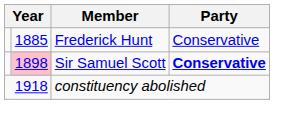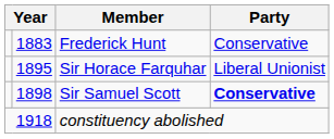 <table class="wikitable">
 <tr>
 <th colspan="2">Year</th>
 <th>Member</th>
 <th>Party</th>
 </tr>
 <tr>
 <td style="color:inherit;background-color: "></td>
-<td><a href='#'>1885</a></td>
+<td><a href='#'>1883</a></td>
 <td><a href='#'>Frederick Hunt</a></td>
 <td><a href='#'>Conservative</a></td>
 </tr>
 <tr>
 <td style="color:inherit;background-color: "></td>
-<td style="background: pink;"><a href='#'>1898</a></td>
+<td><a href='#'>1895</a></td>
+<td><a href='#'>Sir Horace Farquhar</a></td>
+<td><a href='#'>Liberal Unionist</a></td>
+</tr>
+<tr>
+<td style="color:inherit;background-color: "></td>
+<td><a href='#'>1898</a></td>
 <td><a href='#'>Sir Samuel Scott</a></td>
 <td><strong><a href='#'>Conservative</a></strong></td>
 </tr>
 <tr>
 <td colspan="2" align="right"><a href='#'>1918</a></td>
 <td colspan="2"><em>constituency abolished</em></td>
 </tr>
 </table>
